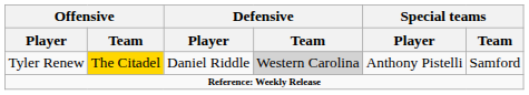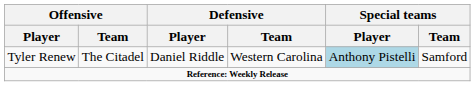 <table class="wikitable" border="1">
 <tr>
 <th colspan="2">Offensive</th>
 <th colspan="2">Defensive</th>
 <th colspan="2">Special teams</th>
 </tr>
 <tr>
 <th>Player</th>
 <th>Team</th>
 <th>Player</th>
 <th>Team</th>
 <th>Player</th>
 <th>Team</th>
 </tr>
 <tr>
 <td>Tyler Renew</td>
-<td style="background: gold;">The Citadel</td>
+<td>The Citadel</td>
 <td>Daniel Riddle</td>
-<td style="background: lightgrey;">Western Carolina</td>
-<td>Anthony Pistelli</td>
+<td>Western Carolina</td>
+<td style="background: lightblue;">Anthony Pistelli</td>
 <td>Samford</td>
 </tr>
 <tr>
 <td colspan="8" style="font-size: 8pt" align="center"><strong>Reference: Weekly Release</strong></td>
 </tr>
 </table>
